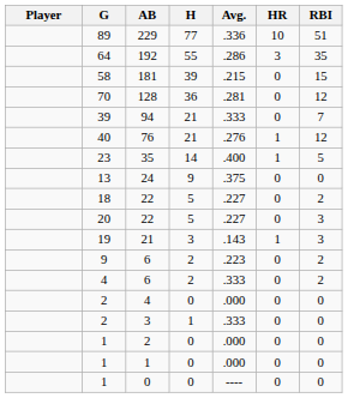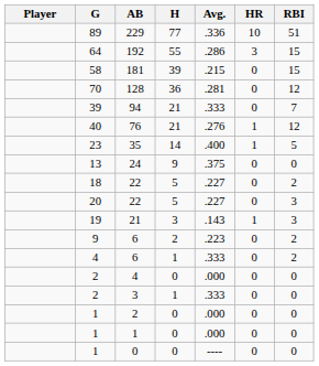 <table class="wikitable sortable">
 <tr>
 <th bgcolor="#DDDDFF" width="16%">Player</th>
 <th bgcolor="#DDDDFF" width="9%">G</th>
 <th bgcolor="#DDDDFF" width="9%">AB</th>
 <th bgcolor="#DDDDFF" width="9%">H</th>
 <th bgcolor="#DDDDFF" width="9%">Avg.</th>
 <th bgcolor="#DDDDFF" width="9%">HR</th>
 <th bgcolor="#DDDDFF" width="9%">RBI</th>
 </tr>
 <tr align="center">
 <td></td>
 <td>89</td>
 <td>229</td>
 <td>77</td>
 <td>.336</td>
 <td>10</td>
 <td>51</td>
 </tr>
 <tr align="center">
 <td></td>
 <td>64</td>
 <td>192</td>
 <td>55</td>
 <td>.286</td>
 <td>3</td>
-<td>35</td>
+<td>15</td>
 </tr>
 <tr align="center">
 <td></td>
 <td>58</td>
 <td>181</td>
 <td>39</td>
 <td>.215</td>
 <td>0</td>
 <td>15</td>
 </tr>
 <tr align="center">
 <td></td>
 <td>70</td>
 <td>128</td>
 <td>36</td>
 <td>.281</td>
 <td>0</td>
 <td>12</td>
 </tr>
 <tr align="center">
 <td></td>
 <td>39</td>
 <td>94</td>
 <td>21</td>
 <td>.333</td>
 <td>0</td>
 <td>7</td>
 </tr>
 <tr align="center">
 <td></td>
 <td>40</td>
 <td>76</td>
 <td>21</td>
 <td>.276</td>
 <td>1</td>
 <td>12</td>
 </tr>
 <tr align="center">
 <td></td>
 <td>23</td>
 <td>35</td>
 <td>14</td>
 <td>.400</td>
 <td>1</td>
 <td>5</td>
 </tr>
 <tr align="center">
 <td></td>
 <td>13</td>
 <td>24</td>
 <td>9</td>
 <td>.375</td>
 <td>0</td>
 <td>0</td>
 </tr>
 <tr align="center">
 <td></td>
 <td>18</td>
 <td>22</td>
 <td>5</td>
 <td>.227</td>
 <td>0</td>
 <td>2</td>
 </tr>
 <tr align="center">
 <td></td>
 <td>20</td>
 <td>22</td>
 <td>5</td>
 <td>.227</td>
 <td>0</td>
 <td>3</td>
 </tr>
 <tr align="center">
 <td></td>
 <td>19</td>
 <td>21</td>
 <td>3</td>
 <td>.143</td>
 <td>1</td>
 <td>3</td>
 </tr>
 <tr align=center>
 <td></td>
 <td>9</td>
 <td>6</td>
 <td>2</td>
 <td>.223</td>
 <td>0</td>
 <td>2</td>
 </tr>
 <tr align="center">
 <td></td>
 <td>4</td>
 <td>6</td>
-<td>2</td>
+<td>1</td>
 <td>.333</td>
 <td>0</td>
 <td>2</td>
 </tr>
 <tr align="center">
 <td></td>
 <td>2</td>
 <td>4</td>
 <td>0</td>
 <td>.000</td>
 <td>0</td>
 <td>0</td>
 </tr>
 <tr align="center">
 <td></td>
 <td>2</td>
 <td>3</td>
 <td>1</td>
 <td>.333</td>
 <td>0</td>
 <td>0</td>
 </tr>
 <tr align="center">
 <td></td>
 <td>1</td>
 <td>2</td>
 <td>0</td>
 <td>.000</td>
 <td>0</td>
 <td>0</td>
 </tr>
 <tr align="center">
 <td></td>
 <td>1</td>
 <td>1</td>
 <td>0</td>
 <td>.000</td>
 <td>0</td>
 <td>0</td>
 </tr>
 <tr align="center">
 <td></td>
 <td>1</td>
 <td>0</td>
 <td>0</td>
 <td>----</td>
 <td>0</td>
 <td>0</td>
 </tr>
 </table>
